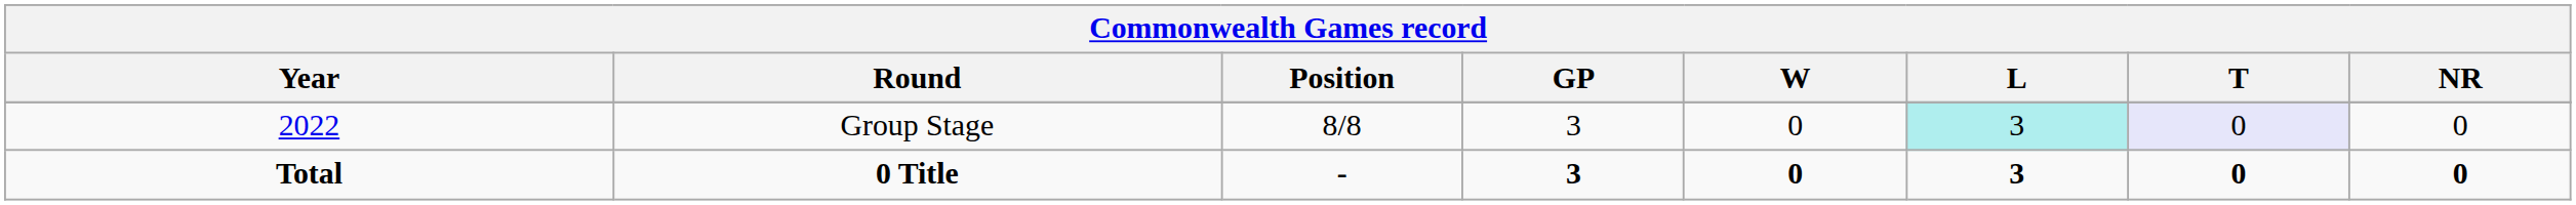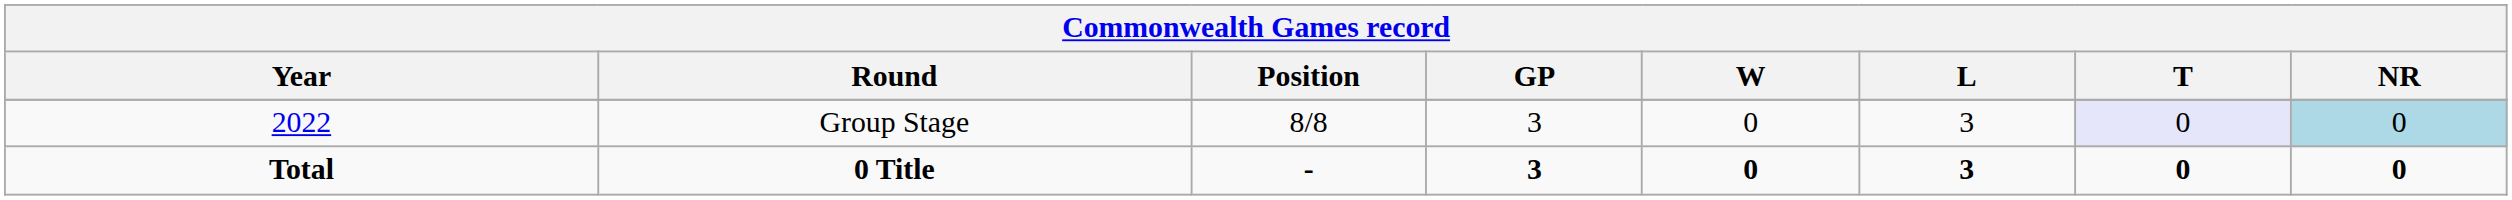 <table class="wikitable" style="text-align: center; width:85%">
 <tr>
 <th colspan=10><a href='#'>Commonwealth Games record</a></th>
 </tr>
 <tr>
 <th width=150>Year</th>
 <th width=150>Round</th>
 <th width=50>Position</th>
 <th width=50>GP</th>
 <th width=50>W</th>
 <th width=50>L</th>
 <th width=50>T</th>
 <th width=50>NR</th>
 </tr>
 <tr>
 </tr>
 <tr>
 <td> <a href='#'>2022</a></td>
 <td>Group Stage</td>
 <td>8/8</td>
 <td>3</td>
 <td>0</td>
-<td style="background: paleturquoise;">3</td>
+<td>3</td>
 <td style="background: lavender;">0</td>
-<td>0</td>
+<td style="background: lightblue;">0</td>
 </tr>
 <tr>
 <td><strong>Total</strong></td>
 <td><strong>0 Title</strong></td>
 <td><strong>-</strong></td>
 <td><strong>3</strong></td>
 <td><strong>0</strong></td>
 <td><strong>3</strong></td>
 <td><strong>0</strong></td>
 <td><strong>0</strong></td>
 </tr>
 </table>
